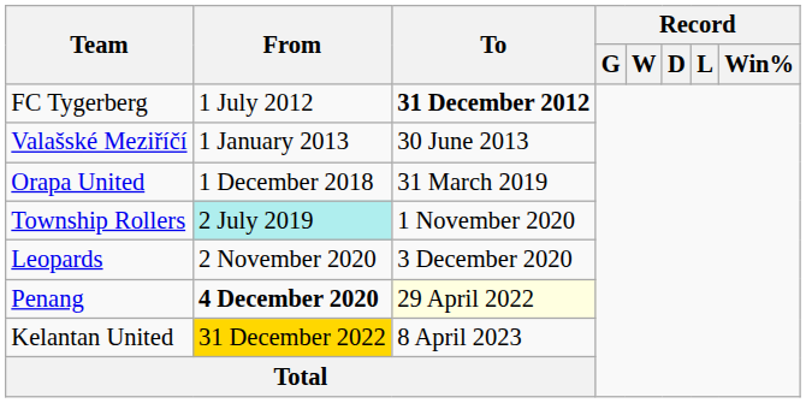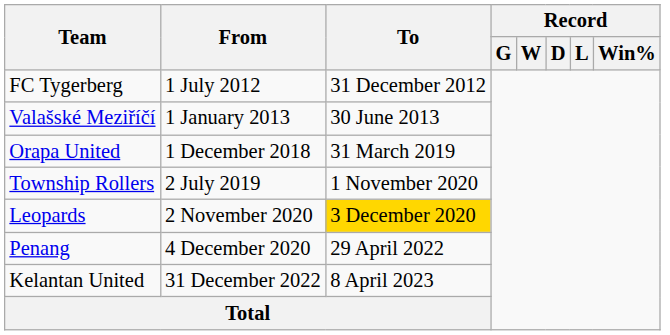 <table class="wikitable" style="text-align: center">
 <tr>
 <th rowspan=2>Team</th>
 <th rowspan=2>From</th>
 <th rowspan=2>To</th>
 <th colspan=5>Record</th>
 </tr>
 <tr>
 <th>G</th>
 <th>W</th>
 <th>D</th>
 <th>L</th>
 <th>Win%</th>
 </tr>
 <tr>
 <td align="left">FC Tygerberg</td>
 <td align="left">1 July 2012</td>
-<td align="left"><strong>31 December 2012<br></strong></td>
+<td align="left">31 December 2012<br></td>
 </tr>
 <tr>
 <td align="left"><a href='#'>Valašské Meziříčí</a></td>
 <td align="left">1 January 2013</td>
 <td align="left">30 June 2013<br></td>
 </tr>
 <tr>
 <td align="left"><a href='#'>Orapa United</a></td>
 <td align="left">1 December 2018</td>
 <td align="left">31 March 2019<br></td>
 </tr>
 <tr>
 <td align="left"><a href='#'>Township Rollers</a></td>
-<td align="left" style="background: paleturquoise;">2 July 2019</td>
+<td align="left">2 July 2019</td>
 <td align="left">1 November 2020<br></td>
 </tr>
 <tr>
 <td align="left"><a href='#'>Leopards</a></td>
 <td align="left">2 November 2020</td>
-<td align="left">3 December 2020<br></td>
+<td align="left" style="background: gold;">3 December 2020<br></td>
 </tr>
 <tr>
 <td align="left"><a href='#'>Penang</a></td>
-<td align="left"><strong>4 December 2020</strong></td>
-<td align="left" style="background: lightyellow;">29 April 2022<br></td>
+<td align="left">4 December 2020</td>
+<td align="left">29 April 2022<br></td>
 </tr>
 <tr>
 <td align="left">Kelantan United</td>
-<td align="left" style="background: gold;">31 December 2022</td>
+<td align="left">31 December 2022</td>
 <td align="left">8 April 2023<br></td>
 </tr>
 <tr>
 <th colspan="3">Total<br></th>
 </tr>
 </table>
